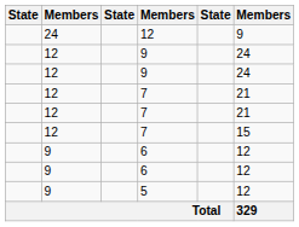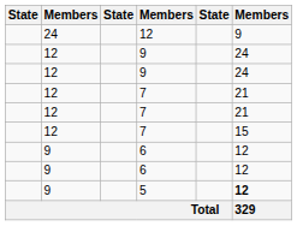 <table class="wikitable">
 <tr>
 <th>State</th>
 <th>Members</th>
 <th>State</th>
 <th>Members</th>
 <th>State</th>
 <th>Members</th>
 </tr>
 <tr>
 <td></td>
 <td>24</td>
 <td></td>
 <td>12</td>
 <td></td>
 <td>9</td>
 </tr>
 <tr>
 <td></td>
 <td>12</td>
 <td></td>
 <td>9</td>
 <td></td>
 <td>24</td>
 </tr>
 <tr>
 <td></td>
 <td>12</td>
 <td></td>
 <td>9</td>
 <td></td>
 <td>24</td>
 </tr>
 <tr>
 <td></td>
 <td>12</td>
 <td></td>
 <td>7</td>
 <td></td>
 <td>21</td>
 </tr>
 <tr>
 <td></td>
 <td>12</td>
 <td></td>
 <td>7</td>
 <td></td>
 <td>21</td>
 </tr>
 <tr>
 <td></td>
 <td>12</td>
 <td></td>
 <td>7</td>
 <td></td>
 <td>15</td>
 </tr>
 <tr>
 <td></td>
 <td>9</td>
 <td></td>
 <td>6</td>
 <td></td>
 <td>12</td>
 </tr>
 <tr>
 <td></td>
 <td>9</td>
 <td></td>
 <td>6</td>
 <td></td>
 <td>12</td>
 </tr>
 <tr>
 <td></td>
 <td>9</td>
 <td></td>
 <td>5</td>
 <td></td>
-<td>12</td>
+<td><strong>12</strong></td>
 </tr>
 <tr style="font-weight: bold;">
 <th colspan="5" style="text-align: right; padding-right: 1em;">Total</th>
 <th style="text-align: left;">329</th>
 </tr>
 </table>
